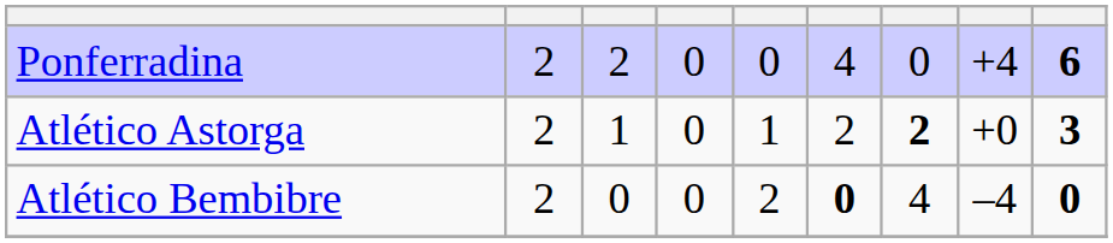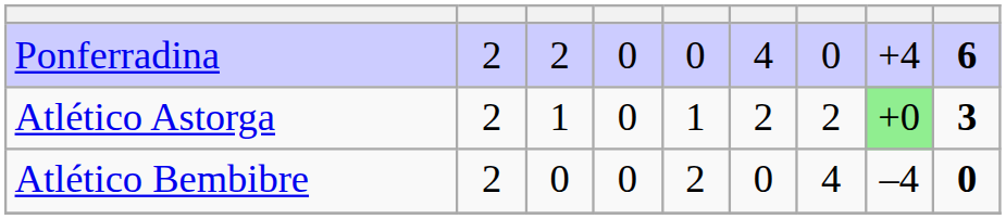 <table class="wikitable" style="text-align: center;">
 <tr>
 <th width="175"></th>
 <th width="20"></th>
 <th width="20"></th>
 <th width="20"></th>
 <th width="20"></th>
 <th width="20"></th>
 <th width="20"></th>
 <th width="20"></th>
 <th width="20"></th>
 </tr>
 <tr bgcolor=#ccccff>
 <td align=left><a href='#'>Ponferradina</a></td>
 <td>2</td>
 <td>2</td>
 <td>0</td>
 <td>0</td>
 <td>4</td>
 <td>0</td>
 <td>+4</td>
 <td><strong>6</strong></td>
 </tr>
 <tr>
 <td align=left><a href='#'>Atlético Astorga</a></td>
 <td>2</td>
 <td>1</td>
 <td>0</td>
 <td>1</td>
 <td>2</td>
-<td><strong>2</strong></td>
-<td>+0</td>
+<td>2</td>
+<td style="background: lightgreen;">+0</td>
 <td><strong>3</strong></td>
 </tr>
 <tr>
 <td align=left><a href='#'>Atlético Bembibre</a></td>
 <td>2</td>
 <td>0</td>
 <td>0</td>
 <td>2</td>
-<td><strong>0</strong></td>
+<td>0</td>
 <td>4</td>
 <td>–4</td>
 <td><strong>0</strong></td>
 </tr>
 <tr>
 </tr>
 </table>
